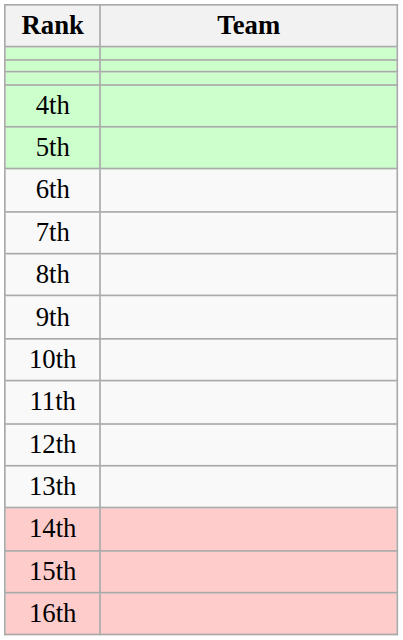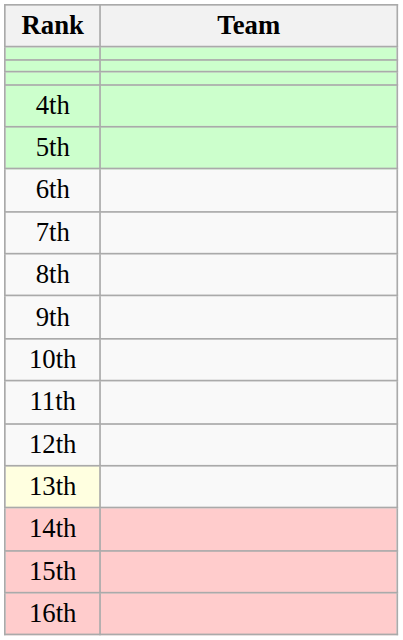 <table class=wikitable style="text-align:center;">
 <tr>
 <th width=50>Rank</th>
 <th width=170>Team</th>
 </tr>
 <tr bgcolor="#ccffcc">
 <td></td>
 <td align=left></td>
 </tr>
 <tr bgcolor="#ccffcc">
 <td></td>
 <td align=left></td>
 </tr>
 <tr bgcolor="#ccffcc">
 <td></td>
 <td align=left></td>
 </tr>
 <tr bgcolor="#ccffcc">
 <td>4th</td>
 <td align=left></td>
 </tr>
 <tr bgcolor="#ccffcc">
 <td>5th</td>
 <td align=left></td>
 </tr>
 <tr>
 <td>6th</td>
 <td align=left></td>
 </tr>
 <tr>
 <td>7th</td>
 <td align=left></td>
 </tr>
 <tr>
 <td>8th</td>
 <td align=left></td>
 </tr>
 <tr>
 <td>9th</td>
 <td align=left></td>
 </tr>
 <tr>
 <td>10th</td>
 <td align=left></td>
 </tr>
 <tr>
 <td>11th</td>
 <td align=left></td>
 </tr>
 <tr>
 <td>12th</td>
 <td align=left></td>
 </tr>
 <tr>
-<td>13th</td>
+<td style="background: lightyellow;">13th</td>
 <td align=left></td>
 </tr>
 <tr bgcolor=#ffcccc>
 <td>14th</td>
 <td align=left></td>
 </tr>
 <tr bgcolor=#ffcccc>
 <td>15th</td>
 <td align=left></td>
 </tr>
 <tr bgcolor=#ffcccc>
 <td>16th</td>
 <td align=left></td>
 </tr>
 </table>
